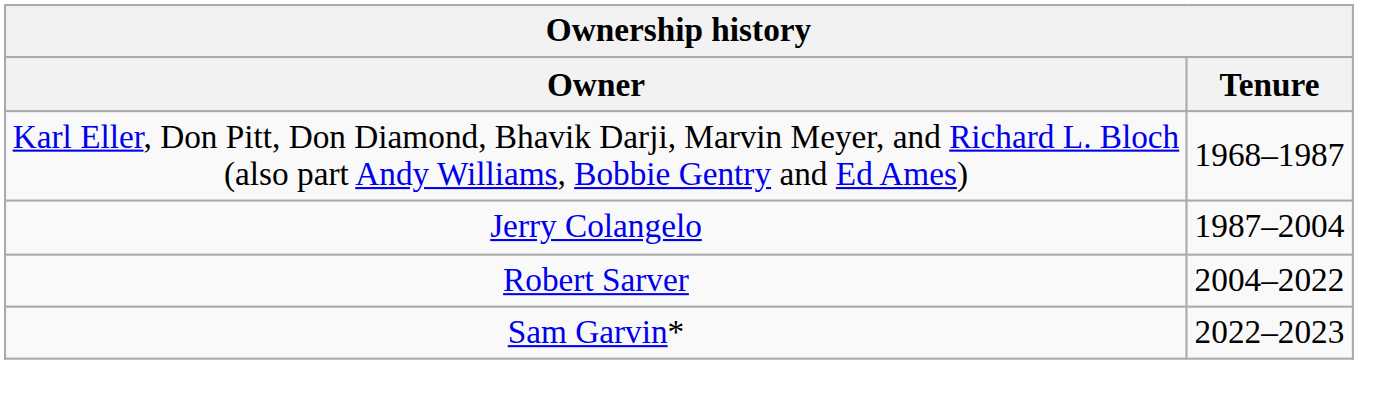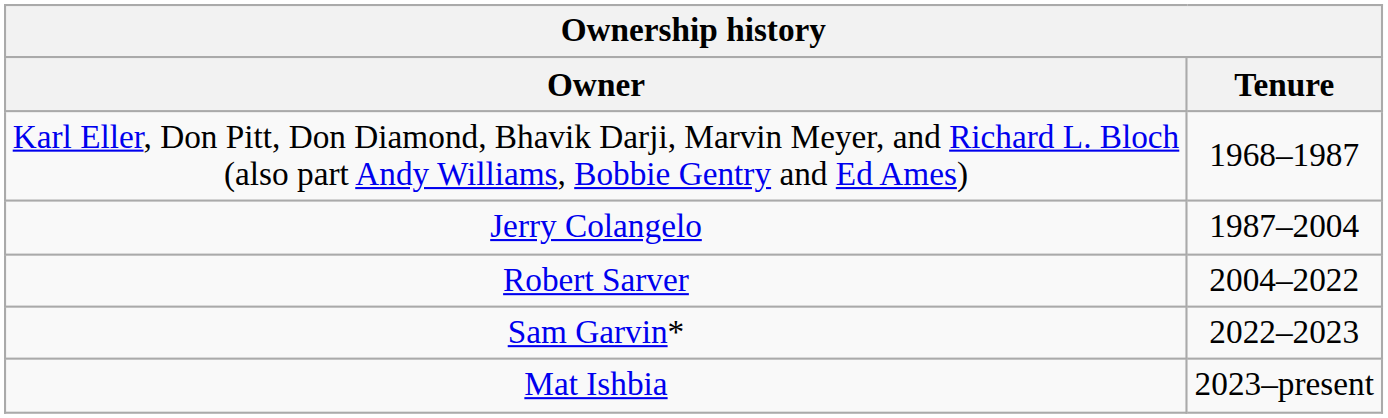 <table class="wikitable" style="text-align:center">
 <tr>
 <th colspan="2">Ownership history</th>
 </tr>
 <tr>
 <th>Owner</th>
 <th>Tenure</th>
 </tr>
 <tr>
 <td><a href='#'>Karl Eller</a>, Don Pitt, Don Diamond, Bhavik Darji, Marvin Meyer, and <a href='#'>Richard L. Bloch</a><br>(also part <a href='#'>Andy Williams</a>, <a href='#'>Bobbie Gentry</a> and <a href='#'>Ed Ames</a>)</td>
 <td>1968–1987</td>
 </tr>
 <tr>
 <td><a href='#'>Jerry Colangelo</a></td>
 <td>1987–2004</td>
 </tr>
 <tr>
 <td><a href='#'>Robert Sarver</a></td>
 <td>2004–2022</td>
 </tr>
 <tr>
 <td><a href='#'>Sam Garvin</a>*</td>
 <td>2022–2023</td>
 </tr>
+<tr>
+<td><a href='#'>Mat Ishbia</a></td>
+<td>2023–present</td>
+</tr>
 </table>
